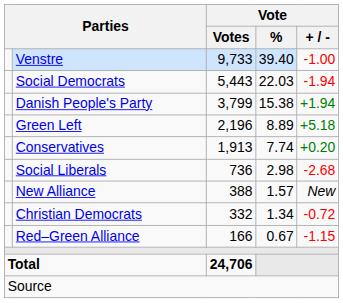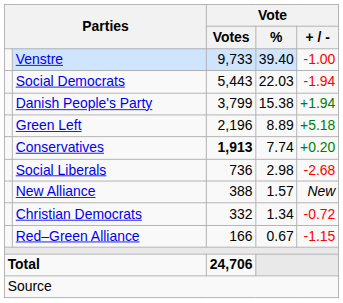 <table class="wikitable" style="text-align:right;">
 <tr>
 <th style="text-align:centre;" rowspan="2" colspan="2" width="225">Parties</th>
 <th colspan="3">Vote</th>
 </tr>
 <tr>
 <th width="15">Votes</th>
 <th width="15">%</th>
 <th width="15">+ / -</th>
 </tr>
 <tr>
 <td width="2" style="color:inherit;background:"></td>
 <td bgcolor=#cfe5fe  align="left"><a href='#'>Venstre</a></td>
 <td bgcolor=#cfe5fe>9,733</td>
 <td bgcolor=#cfe5fe>39.40</td>
 <td style=color:red;>-1.00</td>
 </tr>
 <tr>
 <td width="2" style="color:inherit;background:"></td>
 <td align="left"><a href='#'>Social Democrats</a></td>
 <td>5,443</td>
 <td>22.03</td>
 <td style=color:red;>-1.94</td>
 </tr>
 <tr>
 <td width="2" style="color:inherit;background:"></td>
 <td align="left"><a href='#'>Danish People's Party</a></td>
 <td>3,799</td>
 <td>15.38</td>
 <td style=color:green;>+1.94</td>
 </tr>
 <tr>
 <td width="2" style="color:inherit;background:"></td>
 <td align="left"><a href='#'>Green Left</a></td>
 <td>2,196</td>
 <td>8.89</td>
 <td style=color:green;>+5.18</td>
 </tr>
 <tr>
 <td width="2" style="color:inherit;background:"></td>
 <td align="left"><a href='#'>Conservatives</a></td>
-<td>1,913</td>
+<td><strong>1,913</strong></td>
 <td>7.74</td>
 <td style=color:green;>+0.20</td>
 </tr>
 <tr>
 <td width="2" style="color:inherit;background:"></td>
 <td align="left"><a href='#'>Social Liberals</a></td>
 <td>736</td>
 <td>2.98</td>
 <td style=color:red;>-2.68</td>
 </tr>
 <tr>
 <td width="2" style="color:inherit;background:"></td>
 <td align="left"><a href='#'>New Alliance</a></td>
 <td>388</td>
 <td>1.57</td>
 <td><em>New</em></td>
 </tr>
 <tr>
 <td width="2" style="color:inherit;background:"></td>
 <td align="left"><a href='#'>Christian Democrats</a></td>
 <td>332</td>
 <td>1.34</td>
 <td style=color:red;>-0.72</td>
 </tr>
 <tr>
 <td width="2" style="color:inherit;background:"></td>
 <td align="left"><a href='#'>Red–Green Alliance</a></td>
 <td>166</td>
 <td>0.67</td>
 <td style=color:red;>-1.15</td>
 </tr>
 <tr>
 <td colspan="7" bgcolor="#E9E9E9"></td>
 </tr>
 <tr>
 <td align="left" colspan="2"><strong>Total</strong></td>
 <td><strong>24,706</strong></td>
 <td bgcolor="#E9E9E9" colspan="2"></td>
 </tr>
 <tr>
 <td align="left" colspan="6">Source</td>
 </tr>
 </table>
